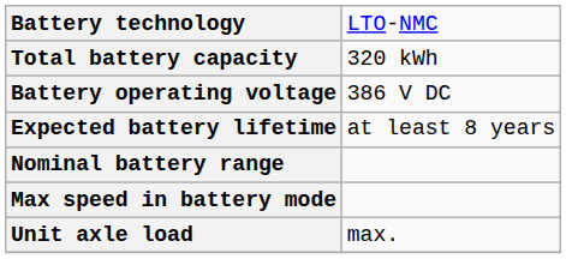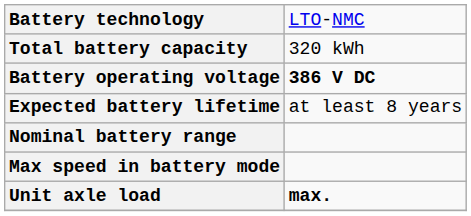 <table class=wikitable>
 <tr>
 <th scope="row" style="text-align: left;">Battery technology</th>
 <td><a href='#'>LTO</a>-<a href='#'>NMC</a></td>
 </tr>
 <tr>
 <th scope="row" style="text-align: left;">Total battery capacity</th>
 <td>320 kWh</td>
 </tr>
 <tr>
 <th scope="row" style="text-align: left;">Battery operating voltage</th>
-<td>386 V DC</td>
+<td><strong>386 V DC</strong></td>
 </tr>
 <tr>
 <th scope="row" style="text-align: left;">Expected battery lifetime</th>
 <td>at least 8 years</td>
 </tr>
 <tr>
 <th scope="row" style="text-align: left;">Nominal battery range</th>
 <td></td>
 </tr>
 <tr>
 <th scope="row" style="text-align: left;">Max speed in battery mode</th>
 <td></td>
 </tr>
 <tr>
 <th scope="row" style="text-align: left;">Unit axle load</th>
-<td>max. </td>
+<td><strong>max. </strong></td>
 </tr>
 <tr>
 </tr>
 </table>
